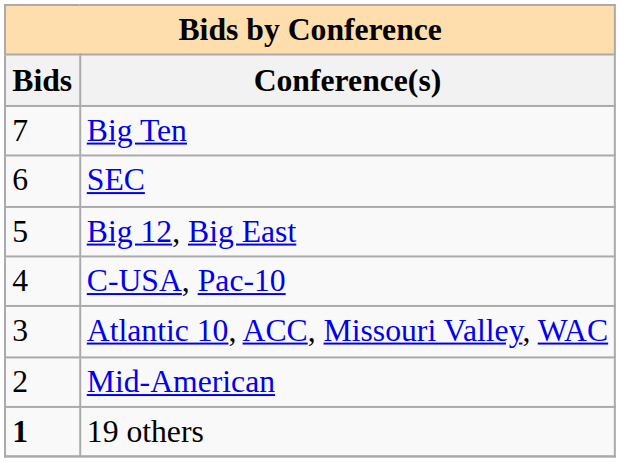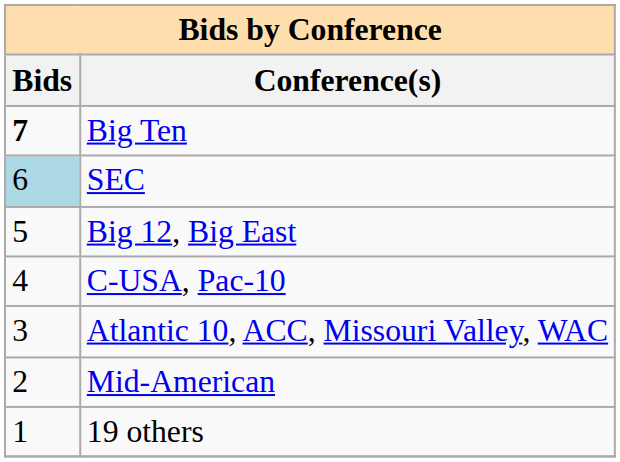 <table class="wikitable">
 <tr>
 <th colspan="5" style="background:#ffdead;">Bids by Conference</th>
 </tr>
 <tr>
 <th>Bids</th>
 <th>Conference(s)</th>
 </tr>
 <tr>
-<td>7</td>
+<td><strong>7</strong></td>
 <td><a href='#'>Big Ten</a></td>
 </tr>
 <tr>
-<td>6</td>
+<td style="background: lightblue;">6</td>
 <td><a href='#'>SEC</a></td>
 </tr>
 <tr>
 <td>5</td>
 <td><a href='#'>Big 12</a>, <a href='#'>Big East</a></td>
 </tr>
 <tr>
 <td>4</td>
 <td><a href='#'>C-USA</a>, <a href='#'>Pac-10</a></td>
 </tr>
 <tr>
 <td>3</td>
 <td><a href='#'>Atlantic 10</a>, <a href='#'>ACC</a>, <a href='#'>Missouri Valley</a>, <a href='#'>WAC</a></td>
 </tr>
 <tr>
 <td>2</td>
 <td><a href='#'>Mid-American</a></td>
 </tr>
 <tr>
-<td><strong>1</strong></td>
+<td>1</td>
 <td>19 others</td>
 </tr>
 <tr>
 </tr>
 </table>
